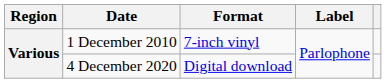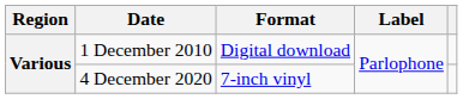 <table class="wikitable plainrowheaders">
 <tr>
 <th scope="col">Region</th>
 <th scope="col">Date</th>
 <th scope="col">Format</th>
 <th scope="col">Label</th>
 <th scope="col"></th>
 </tr>
 <tr>
 <th rowspan="2" scope="row">Various</th>
 <td>1 December 2010</td>
-<td><a href='#'>7-inch vinyl</a></td>
+<td><a href='#'>Digital download</a></td>
 <td rowspan="2"><a href='#'>Parlophone</a></td>
 <td align="center"></td>
 </tr>
 <tr>
 <td>4 December 2020</td>
-<td><a href='#'>Digital download</a></td>
+<td><a href='#'>7-inch vinyl</a></td>
 <td align="center"></td>
 </tr>
 </table>
